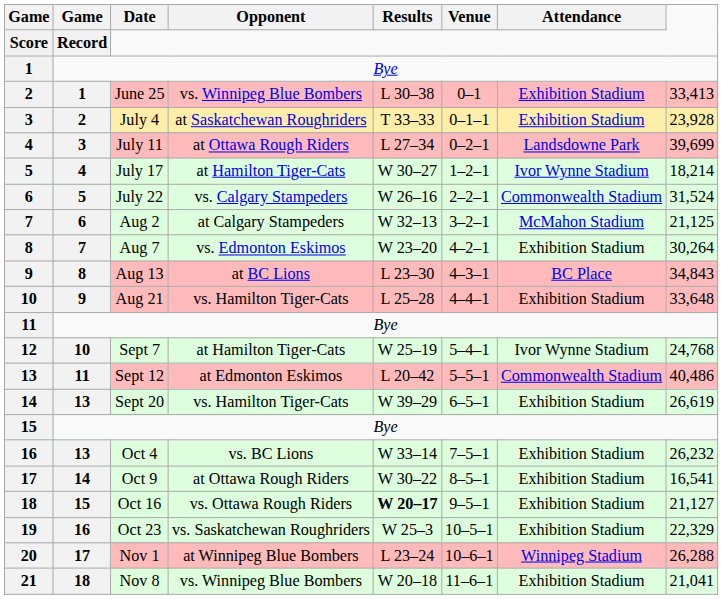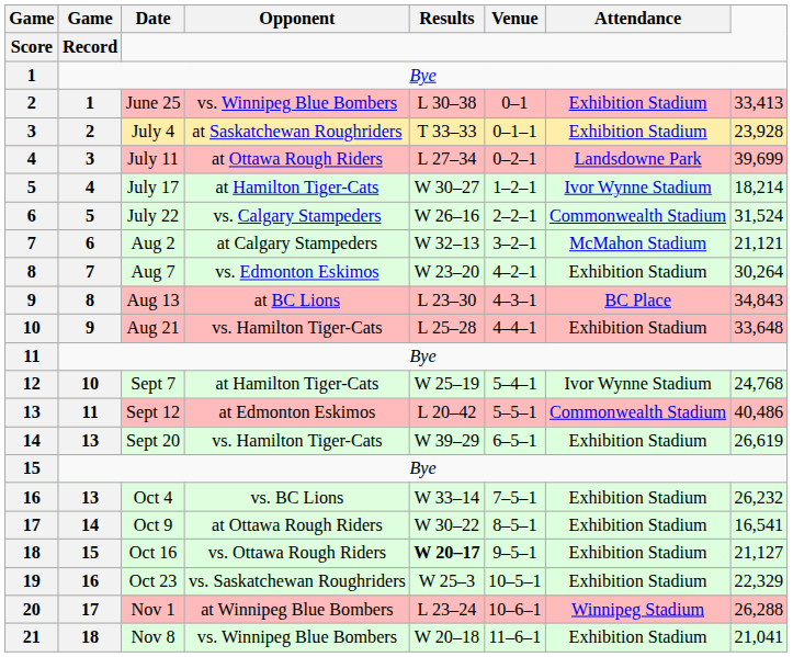 <table class="wikitable" style="text-align:center">
 <tr>
 <th>Game</th>
 <th>Game</th>
 <th>Date</th>
 <th>Opponent</th>
 <th>Results</th>
 <th>Venue</th>
 <th>Attendance</th>
 </tr>
 <tr>
 <th>Score</th>
 <th>Record</th>
 </tr>
 <tr>
 <th>1</th>
 <td colspan=7><em><a href='#'>Bye</a></em></td>
 </tr>
 <tr style="background:#ffbbbb">
 <th>2</th>
 <th>1</th>
 <td>June 25</td>
 <td>vs. <a href='#'>Winnipeg Blue Bombers</a></td>
 <td>L 30–38</td>
 <td>0–1</td>
 <td><a href='#'>Exhibition Stadium</a></td>
 <td>33,413</td>
 </tr>
 <tr style="background:#ffeeaa">
 <th>3</th>
 <th>2</th>
 <td>July 4</td>
 <td>at <a href='#'>Saskatchewan Roughriders</a></td>
 <td>T 33–33 </td>
 <td>0–1–1</td>
 <td><a href='#'>Exhibition Stadium</a></td>
 <td>23,928</td>
 </tr>
 <tr style="background:#ffbbbb">
 <th>4</th>
 <th>3</th>
 <td>July 11</td>
 <td>at <a href='#'>Ottawa Rough Riders</a></td>
 <td>L 27–34</td>
 <td>0–2–1</td>
 <td><a href='#'>Landsdowne Park</a></td>
 <td>39,699</td>
 </tr>
 <tr style="background:#ddffdd">
 <th>5</th>
 <th>4</th>
 <td>July 17</td>
 <td>at <a href='#'>Hamilton Tiger-Cats</a></td>
 <td>W 30–27</td>
 <td>1–2–1</td>
 <td><a href='#'>Ivor Wynne Stadium</a></td>
 <td>18,214</td>
 </tr>
 <tr style="background:#ddffdd">
 <th>6</th>
 <th>5</th>
 <td>July 22</td>
 <td>vs. <a href='#'>Calgary Stampeders</a></td>
 <td>W 26–16</td>
 <td>2–2–1</td>
 <td><a href='#'>Commonwealth Stadium</a></td>
 <td>31,524</td>
 </tr>
 <tr style="background:#ddffdd">
 <th>7</th>
 <th>6</th>
 <td>Aug 2</td>
 <td>at Calgary Stampeders</td>
 <td>W 32–13</td>
 <td>3–2–1</td>
 <td><a href='#'>McMahon Stadium</a></td>
-<td>21,125</td>
+<td>21,121</td>
 </tr>
 <tr style="background:#ddffdd">
 <th>8</th>
 <th>7</th>
 <td>Aug 7</td>
 <td>vs. <a href='#'>Edmonton Eskimos</a></td>
 <td>W 23–20</td>
 <td>4–2–1</td>
 <td>Exhibition Stadium</td>
 <td>30,264</td>
 </tr>
 <tr style="background:#ffbbbb">
 <th>9</th>
 <th>8</th>
 <td>Aug 13</td>
 <td>at <a href='#'>BC Lions</a></td>
 <td>L 23–30</td>
 <td>4–3–1</td>
 <td><a href='#'>BC Place</a></td>
 <td>34,843</td>
 </tr>
 <tr style="background:#ffbbbb">
 <th>10</th>
 <th>9</th>
 <td>Aug 21</td>
 <td>vs. Hamilton Tiger-Cats</td>
 <td>L 25–28</td>
 <td>4–4–1</td>
 <td>Exhibition Stadium</td>
 <td>33,648</td>
 </tr>
 <tr>
 <th>11</th>
 <td colspan=7><em>Bye</em></td>
 </tr>
 <tr style="background:#ddffdd">
 <th>12</th>
 <th>10</th>
 <td>Sept 7</td>
 <td>at Hamilton Tiger-Cats</td>
 <td>W 25–19</td>
 <td>5–4–1</td>
 <td>Ivor Wynne Stadium</td>
 <td>24,768</td>
 </tr>
 <tr style="background:#ffbbbb">
 <th>13</th>
 <th>11</th>
 <td>Sept 12</td>
 <td>at Edmonton Eskimos</td>
 <td>L 20–42</td>
 <td>5–5–1</td>
 <td><a href='#'>Commonwealth Stadium</a></td>
 <td>40,486</td>
 </tr>
 <tr style="background:#ddffdd">
 <th>14</th>
 <th>13</th>
 <td>Sept 20</td>
 <td>vs. Hamilton Tiger-Cats</td>
 <td>W 39–29</td>
 <td>6–5–1</td>
 <td>Exhibition Stadium</td>
 <td>26,619</td>
 </tr>
 <tr>
 <th>15</th>
 <td colspan=7><em>Bye</em></td>
 </tr>
 <tr style="background:#ddffdd">
 <th>16</th>
 <th>13</th>
 <td>Oct 4</td>
 <td>vs. BC Lions</td>
 <td>W 33–14</td>
 <td>7–5–1</td>
 <td>Exhibition Stadium</td>
 <td>26,232</td>
 </tr>
 <tr style="background:#ddffdd">
 <th>17</th>
 <th>14</th>
 <td>Oct 9</td>
 <td>at Ottawa Rough Riders</td>
 <td>W 30–22</td>
 <td>8–5–1</td>
 <td>Exhibition Stadium</td>
 <td>16,541</td>
 </tr>
 <tr style="background:#ddffdd">
 <th>18</th>
 <th>15</th>
 <td>Oct 16</td>
 <td>vs. Ottawa Rough Riders</td>
 <td><strong>W 20–17</strong></td>
 <td>9–5–1</td>
 <td>Exhibition Stadium</td>
 <td>21,127</td>
 </tr>
 <tr style="background:#ddffdd">
 <th>19</th>
 <th>16</th>
 <td>Oct 23</td>
 <td>vs. Saskatchewan Roughriders</td>
 <td>W 25–3</td>
 <td>10–5–1</td>
 <td>Exhibition Stadium</td>
 <td>22,329</td>
 </tr>
 <tr style="background:#ffbbbb">
 <th>20</th>
 <th>17</th>
 <td>Nov 1</td>
 <td>at Winnipeg Blue Bombers</td>
 <td>L 23–24</td>
 <td>10–6–1</td>
 <td><a href='#'>Winnipeg Stadium</a></td>
 <td>26,288</td>
 </tr>
 <tr style="background:#ddffdd">
 <th>21</th>
 <th>18</th>
 <td>Nov 8</td>
 <td>vs. Winnipeg Blue Bombers</td>
 <td>W 20–18</td>
 <td>11–6–1</td>
 <td>Exhibition Stadium</td>
 <td>21,041</td>
 </tr>
 </table>
